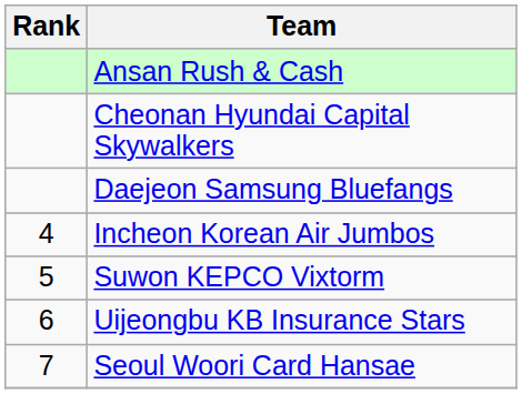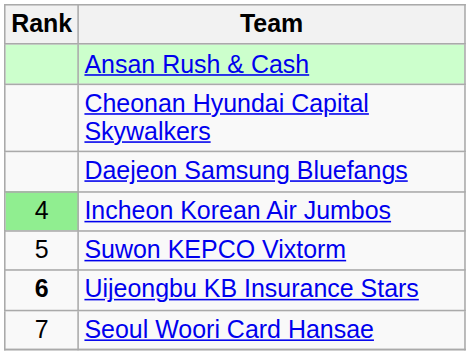 <table class="wikitable" style="text-align: center;">
 <tr>
 <th width=40>Rank</th>
 <th width=240>Team</th>
 </tr>
 <tr bgcolor=#ccffcc>
 <td></td>
 <td align=left><a href='#'>Ansan Rush & Cash</a></td>
 </tr>
 <tr>
 <td></td>
 <td align=left><a href='#'>Cheonan Hyundai Capital Skywalkers</a></td>
 </tr>
 <tr>
 <td></td>
 <td align=left><a href='#'>Daejeon Samsung Bluefangs</a></td>
 </tr>
 <tr>
-<td>4</td>
+<td style="background: lightgreen;">4</td>
 <td align=left><a href='#'>Incheon Korean Air Jumbos</a></td>
 </tr>
 <tr>
 <td>5</td>
 <td align=left><a href='#'>Suwon KEPCO Vixtorm</a></td>
 </tr>
 <tr>
-<td>6</td>
+<td><strong>6</strong></td>
 <td align=left><a href='#'>Uijeongbu KB Insurance Stars</a></td>
 </tr>
 <tr>
 <td>7</td>
 <td align=left><a href='#'>Seoul Woori Card Hansae</a></td>
 </tr>
 <tr>
 </tr>
 </table>
